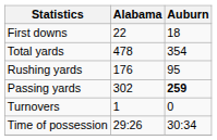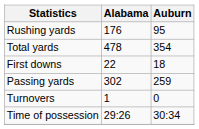 <table class="wikitable" style="float: left;">
 <tr>
 <th>Statistics</th>
 <th>Alabama</th>
 <th>Auburn</th>
 </tr>
 <tr>
-<td>First downs</td>
-<td>22</td>
-<td>18</td>
+<td>Rushing yards</td>
+<td>176</td>
+<td>95</td>
 </tr>
 <tr>
 <td>Total yards</td>
 <td>478</td>
 <td>354</td>
 </tr>
 <tr>
-<td>Rushing yards</td>
-<td>176</td>
-<td>95</td>
+<td>First downs</td>
+<td>22</td>
+<td>18</td>
 </tr>
 <tr>
 <td>Passing yards</td>
 <td>302</td>
-<td><strong>259</strong></td>
+<td>259</td>
 </tr>
 <tr>
 <td>Turnovers</td>
 <td>1</td>
 <td>0</td>
 </tr>
 <tr>
 <td>Time of possession</td>
 <td>29:26</td>
 <td>30:34</td>
 </tr>
 <tr>
 </tr>
 </table>
